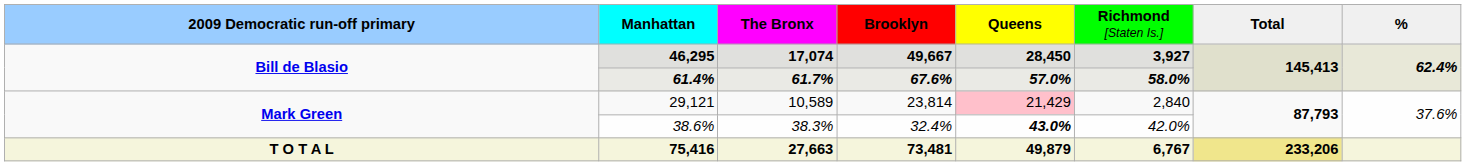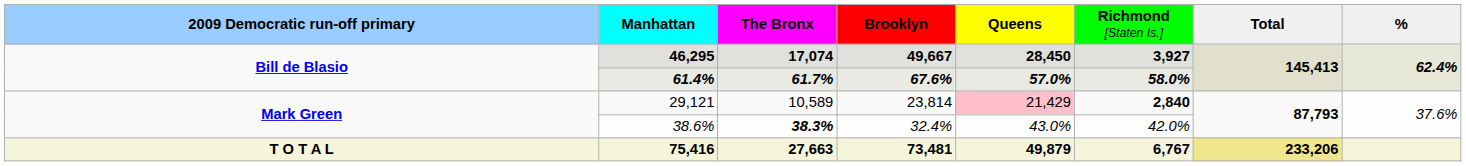 <table class="wikitable" style="width:100%; text-align:right;">
 <tr style="text-align:center;">
 <td style="width:40%; background:#9cf;"><strong>2009 Democratic run-off primary</strong></td>
 <td style="width:8%; background:aqua;"><strong>Manhattan</strong></td>
 <td style="width:8%; background:magenta;"><strong>The Bronx</strong></td>
 <td style="width:8%; background:red;"><strong>Brooklyn</strong></td>
 <td style="width:8%; background:yellow;"><strong>Queens</strong></td>
 <td style="width:8%; background:lime;"><strong>Richmond</strong> <small><em>[Staten Is.]</em></small></td>
 <td style="width:10%; background:#f0f0f0;"><strong>Total</strong></td>
 <td style="width:8%; background:#f0f0f0;"><strong>%</strong></td>
 </tr>
 <tr>
 <td rowspan="2" style="text-align:center;"><strong><a href='#'>Bill de Blasio</a></strong></td>
 <td style="background:#e0e0dd;"><strong>46,295</strong></td>
 <td style="background:#e0e0dd;"><strong>17,074</strong></td>
 <td style="background:#e0e0dd;"><strong>49,667</strong></td>
 <td style="background:#e0e0dd;"><strong>28,450</strong></td>
 <td style="background:#e0e0dd;"><strong>3,927</strong></td>
 <td rowspan="2" style="background:#e0e0cc;"><strong>145,413</strong></td>
 <td rowspan="2" style="background:#e8e8d8;"><strong><em>62.4%</em></strong></td>
 </tr>
 <tr style="background:#eaeae5;">
 <td><strong><em>61.4%</em></strong></td>
 <td><strong><em>61.7%</em></strong></td>
 <td><strong><em>67.6%</em></strong></td>
 <td><strong><em>57.0%</em></strong></td>
 <td><strong><em>58.0%</em></strong></td>
 </tr>
 <tr>
 <td rowspan="2" style="text-align:center;"><strong><a href='#'>Mark Green</a></strong></td>
 <td>29,121</td>
 <td>10,589</td>
 <td>23,814</td>
 <td style="background: pink;">21,429</td>
-<td>2,840</td>
+<td><strong>2,840</strong></td>
 <td rowspan="2"><strong>87,793</strong></td>
 <td rowspan="2" style="background:#fefefe;"><em>37.6%</em></td>
 </tr>
 <tr style="background:#fefefe;">
 <td><em>38.6%</em></td>
-<td><em>38.3%</em></td>
+<td><strong><em>38.3%</em></strong></td>
 <td><em>32.4%</em></td>
-<td><strong><em>43.0%</em></strong></td>
+<td><em>43.0%</em></td>
 <td><em>42.0%</em></td>
 </tr>
 <tr style="background:beige;">
 <td align=center><strong>T O T A L</strong></td>
 <td><strong>75,416</strong></td>
 <td><strong>27,663</strong></td>
 <td><strong>73,481</strong></td>
 <td><strong>49,879</strong></td>
 <td><strong>6,767</strong></td>
 <td bgcolor=khaki><strong>233,206</strong></td>
 <td></td>
 </tr>
 </table>
